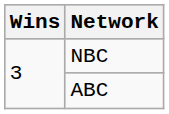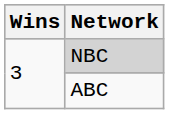 <table class="wikitable">
 <tr>
 <th>Wins</th>
 <th>Network</th>
 </tr>
 <tr>
 <td rowspan="2">3</td>
-<td>NBC</td>
+<td style="background: lightgrey;">NBC</td>
 </tr>
 <tr>
 <td>ABC</td>
 </tr>
 </table>
